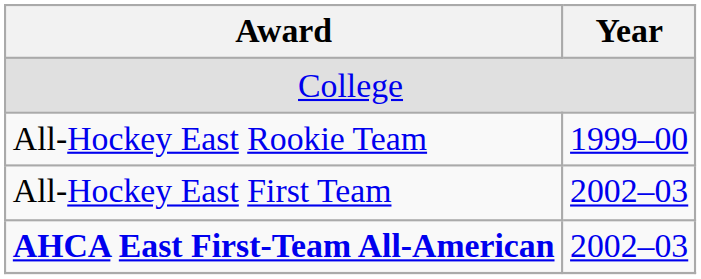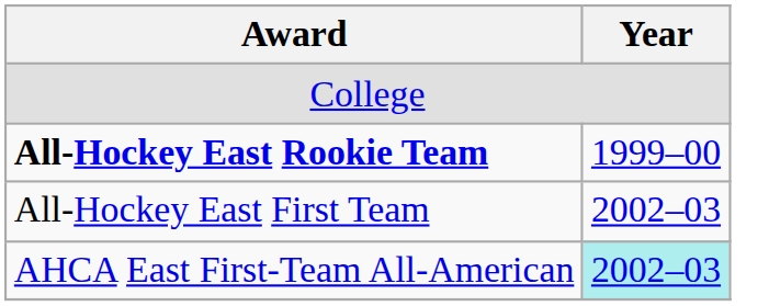 <table class="wikitable">
 <tr>
 <th>Award</th>
 <th>Year</th>
 </tr>
 <tr ALIGN="center" bgcolor="#e0e0e0">
 <td colspan="3"><a href='#'>College</a></td>
 </tr>
 <tr>
-<td>All-<a href='#'>Hockey East</a> <a href='#'>Rookie Team</a></td>
+<td><strong>All-<a href='#'>Hockey East</a> <a href='#'>Rookie Team</a></strong></td>
 <td><a href='#'>1999–00</a></td>
 </tr>
 <tr>
 <td>All-<a href='#'>Hockey East</a> <a href='#'>First Team</a></td>
 <td><a href='#'>2002–03</a></td>
 </tr>
 <tr>
-<td><strong><a href='#'>AHCA</a> <a href='#'>East First-Team All-American</a></strong></td>
-<td><a href='#'>2002–03</a></td>
+<td><a href='#'>AHCA</a> <a href='#'>East First-Team All-American</a></td>
+<td style="background: paleturquoise;"><a href='#'>2002–03</a></td>
 </tr>
 <tr>
 </tr>
 </table>
